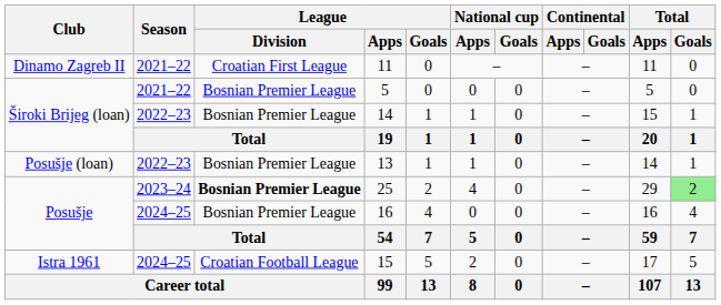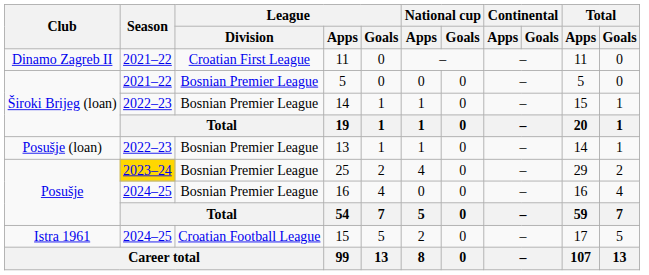 <table class="wikitable" style="text-align:center">
 <tr>
 <th rowspan=2>Club</th>
 <th rowspan=2>Season</th>
 <th colspan=3>League</th>
 <th colspan=2>National cup</th>
 <th colspan=2>Continental</th>
 <th colspan=2>Total</th>
 </tr>
 <tr>
 <th>Division</th>
 <th>Apps</th>
 <th>Goals</th>
 <th>Apps</th>
 <th>Goals</th>
 <th>Apps</th>
 <th>Goals</th>
 <th>Apps</th>
 <th>Goals</th>
 </tr>
 <tr>
 <td><a href='#'>Dinamo Zagreb II</a></td>
 <td><a href='#'>2021–22</a></td>
 <td><a href='#'>Croatian First League</a></td>
 <td>11</td>
 <td>0</td>
 <td colspan=2>–</td>
 <td colspan=2>–</td>
 <td>11</td>
 <td>0</td>
 </tr>
 <tr>
 <td rowspan=3><a href='#'>Široki Brijeg</a> (loan)</td>
 <td><a href='#'>2021–22</a></td>
 <td><a href='#'>Bosnian Premier League</a></td>
 <td>5</td>
 <td>0</td>
 <td>0</td>
 <td>0</td>
 <td colspan=2>–</td>
 <td>5</td>
 <td>0</td>
 </tr>
 <tr>
 <td><a href='#'>2022–23</a></td>
 <td>Bosnian Premier League</td>
 <td>14</td>
 <td>1</td>
 <td>1</td>
 <td>0</td>
 <td colspan=2>–</td>
 <td>15</td>
 <td>1</td>
 </tr>
 <tr>
 <th colspan=2>Total</th>
 <th>19</th>
 <th>1</th>
 <th>1</th>
 <th>0</th>
 <th colspan=2>–</th>
 <th>20</th>
 <th>1</th>
 </tr>
 <tr>
 <td><a href='#'>Posušje</a> (loan)</td>
 <td><a href='#'>2022–23</a></td>
 <td>Bosnian Premier League</td>
 <td>13</td>
 <td>1</td>
 <td>1</td>
 <td>0</td>
 <td colspan=2>–</td>
 <td>14</td>
 <td>1</td>
 </tr>
 <tr>
 <td rowspan=3><a href='#'>Posušje</a></td>
-<td><a href='#'>2023–24</a></td>
-<td><strong>Bosnian Premier League</strong></td>
+<td style="background: gold;"><a href='#'>2023–24</a></td>
+<td>Bosnian Premier League</td>
 <td>25</td>
 <td>2</td>
 <td>4</td>
 <td>0</td>
 <td colspan=2>–</td>
 <td>29</td>
-<td style="background: lightgreen;">2</td>
+<td>2</td>
 </tr>
 <tr>
 <td><a href='#'>2024–25</a></td>
 <td>Bosnian Premier League</td>
 <td>16</td>
 <td>4</td>
 <td>0</td>
 <td>0</td>
 <td colspan=2>–</td>
 <td>16</td>
 <td>4</td>
 </tr>
 <tr>
 <th colspan=2>Total</th>
 <th>54</th>
 <th>7</th>
 <th>5</th>
 <th>0</th>
 <th colspan=2>–</th>
 <th>59</th>
 <th>7</th>
 </tr>
 <tr>
 <td><a href='#'>Istra 1961</a></td>
 <td><a href='#'>2024–25</a></td>
 <td><a href='#'>Croatian Football League</a></td>
 <td>15</td>
 <td>5</td>
 <td>2</td>
 <td>0</td>
 <td colspan=2>–</td>
 <td>17</td>
 <td>5</td>
 </tr>
 <tr>
 <th colspan=3>Career total</th>
 <th>99</th>
 <th>13</th>
 <th>8</th>
 <th>0</th>
 <th colspan=2>–</th>
 <th>107</th>
 <th>13</th>
 </tr>
 </table>
